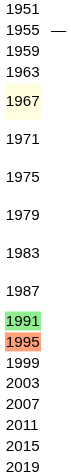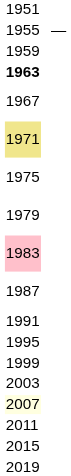 <table>
 <tr>
 <td>1951</td>
 <td></td>
 <td></td>
 <td></td>
 </tr>
 <tr>
 <td>1955</td>
 <td></td>
 <td></td>
 <td>—</td>
 </tr>
 <tr>
 <td>1959</td>
 <td></td>
 <td></td>
 <td></td>
 </tr>
 <tr>
-<td>1963</td>
+<td><strong>1963</strong></td>
 <td></td>
 <td></td>
 <td></td>
 </tr>
 <tr>
-<td style="background: lightyellow;">1967</td>
+<td>1967</td>
 <td></td>
 <td></td>
 <td><br><br></td>
 </tr>
 <tr>
-<td>1971</td>
+<td style="background: khaki;">1971</td>
 <td></td>
 <td></td>
 <td><br><br></td>
 </tr>
 <tr>
 <td>1975</td>
 <td></td>
 <td></td>
 <td><br><br></td>
 </tr>
 <tr>
 <td>1979</td>
 <td></td>
 <td></td>
 <td><br><br></td>
 </tr>
 <tr>
-<td>1983</td>
+<td style="background: pink;">1983</td>
 <td></td>
 <td></td>
 <td><br><br></td>
 </tr>
 <tr>
 <td>1987</td>
 <td></td>
 <td></td>
 <td><br><br></td>
 </tr>
 <tr>
-<td style="background: lightgreen;">1991</td>
+<td>1991</td>
 <td></td>
 <td></td>
 <td><br></td>
 </tr>
 <tr>
-<td style="background: lightsalmon;">1995</td>
+<td>1995</td>
 <td></td>
 <td></td>
 <td><br></td>
 </tr>
 <tr>
 <td>1999</td>
 <td></td>
 <td></td>
 <td><br></td>
 </tr>
 <tr>
 <td>2003</td>
 <td></td>
 <td></td>
 <td><br></td>
 </tr>
 <tr>
-<td>2007</td>
+<td style="background: lightyellow;">2007</td>
 <td></td>
 <td></td>
 <td><br></td>
 </tr>
 <tr>
 <td rowspan=2>2011<br></td>
 <td rowspan=2></td>
 <td rowspan=2></td>
 <td></td>
 </tr>
 <tr>
 <td></td>
 </tr>
 <tr>
 <td rowspan=2>2015<br></td>
 <td rowspan=2></td>
 <td rowspan=2></td>
 <td></td>
 </tr>
 <tr>
 <td></td>
 </tr>
 <tr>
 <td rowspan=2>2019<br></td>
 <td rowspan=2></td>
 <td rowspan=2></td>
 <td></td>
 </tr>
 <tr>
 <td></td>
 </tr>
 </table>
